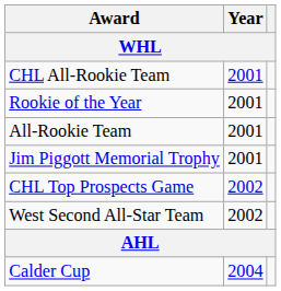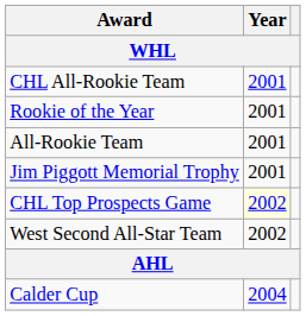 <table class="wikitable">
 <tr>
 <th>Award</th>
 <th>Year</th>
 <th></th>
 </tr>
 <tr>
 <th colspan="3"><a href='#'>WHL</a></th>
 </tr>
 <tr>
 <td><a href='#'>CHL</a> All-Rookie Team</td>
 <td><a href='#'>2001</a></td>
 <td></td>
 </tr>
 <tr>
 <td><a href='#'>Rookie of the Year</a></td>
 <td>2001</td>
 <td></td>
 </tr>
 <tr>
 <td>All-Rookie Team</td>
 <td>2001</td>
 <td></td>
 </tr>
 <tr>
 <td><a href='#'>Jim Piggott Memorial Trophy</a></td>
 <td>2001</td>
 <td></td>
 </tr>
 <tr>
 <td><a href='#'>CHL Top Prospects Game</a></td>
-<td><a href='#'>2002</a></td>
+<td style="background: lightyellow;"><a href='#'>2002</a></td>
 <td></td>
 </tr>
 <tr>
 <td>West Second All-Star Team</td>
 <td>2002</td>
 <td></td>
 </tr>
 <tr>
 <th colspan="3"><a href='#'>AHL</a></th>
 </tr>
 <tr>
 <td><a href='#'>Calder Cup</a></td>
 <td><a href='#'>2004</a></td>
 <td></td>
 </tr>
 </table>
